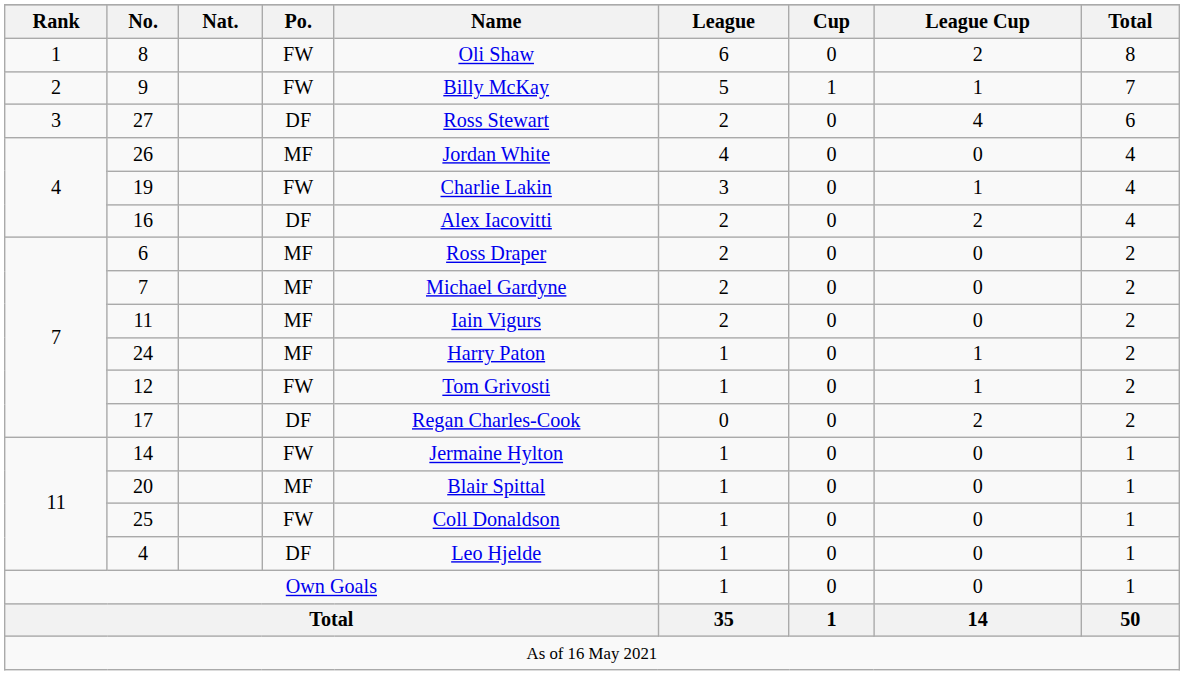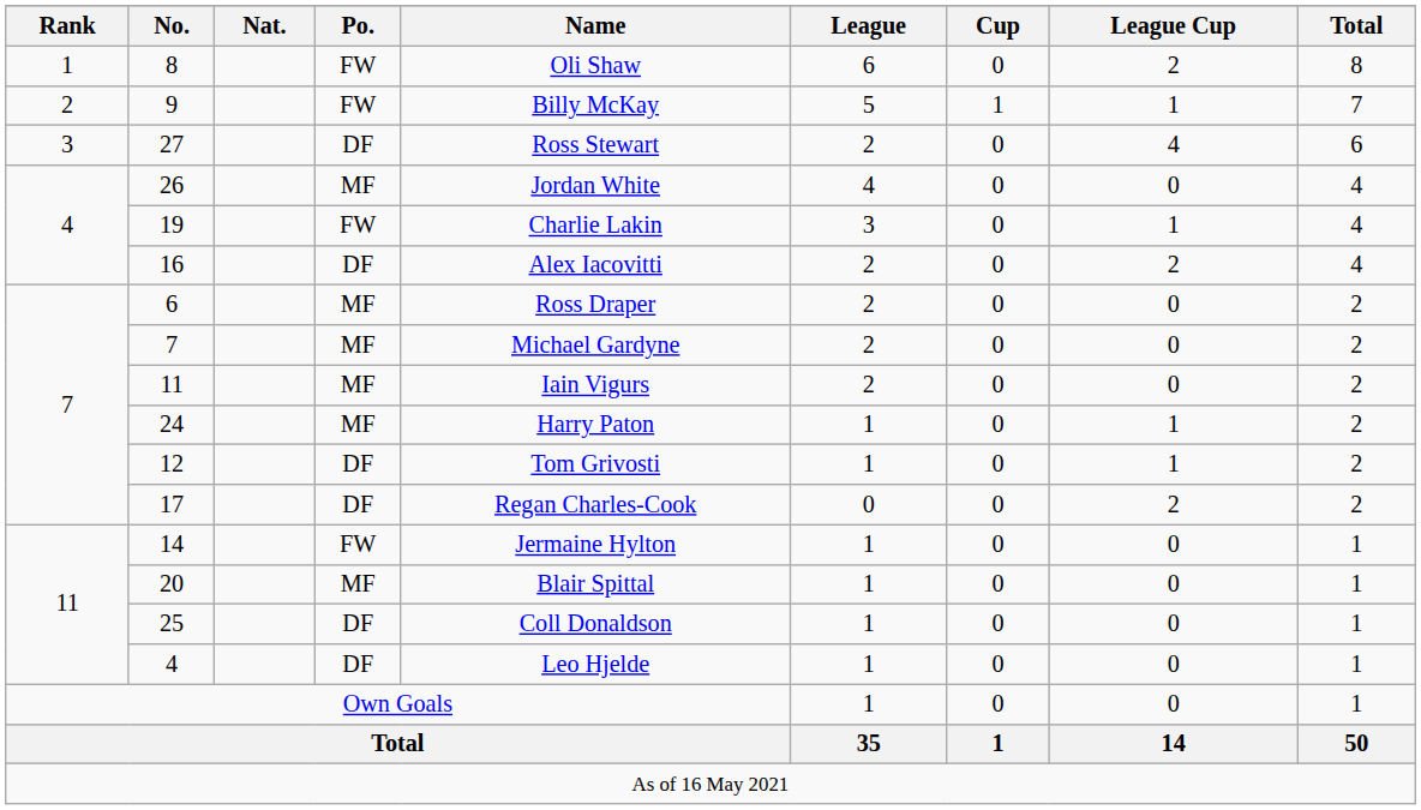 <table class="wikitable"  style="text-align:center; font-size:90%; width:95%;">
 <tr>
 </tr>
 <tr>
 <th>Rank</th>
 <th>No.</th>
 <th>Nat.</th>
 <th>Po.</th>
 <th>Name</th>
 <th>League</th>
 <th>Cup</th>
 <th>League Cup</th>
 <th>Total</th>
 </tr>
 <tr>
 <td>1</td>
 <td>8</td>
 <td></td>
 <td>FW</td>
 <td><a href='#'>Oli Shaw</a></td>
 <td>6</td>
 <td>0</td>
 <td>2</td>
 <td>8</td>
 </tr>
 <tr>
 <td>2</td>
 <td>9</td>
 <td></td>
 <td>FW</td>
 <td><a href='#'>Billy McKay</a></td>
 <td>5</td>
 <td>1</td>
 <td>1</td>
 <td>7</td>
 </tr>
 <tr>
 <td>3</td>
 <td>27</td>
 <td></td>
 <td>DF</td>
 <td><a href='#'>Ross Stewart</a></td>
 <td>2</td>
 <td>0</td>
 <td>4</td>
 <td>6</td>
 </tr>
 <tr>
 <td rowspan=3>4</td>
 <td>26</td>
 <td></td>
 <td>MF</td>
 <td><a href='#'>Jordan White</a></td>
 <td>4</td>
 <td>0</td>
 <td>0</td>
 <td>4</td>
 </tr>
 <tr>
 <td>19</td>
 <td></td>
 <td>FW</td>
 <td><a href='#'>Charlie Lakin</a></td>
 <td>3</td>
 <td>0</td>
 <td>1</td>
 <td>4</td>
 </tr>
 <tr>
 <td>16</td>
 <td></td>
 <td>DF</td>
 <td><a href='#'>Alex Iacovitti</a></td>
 <td>2</td>
 <td>0</td>
 <td>2</td>
 <td>4</td>
 </tr>
 <tr>
 <td rowspan=6>7</td>
 <td>6</td>
 <td></td>
 <td>MF</td>
 <td><a href='#'>Ross Draper</a></td>
 <td>2</td>
 <td>0</td>
 <td>0</td>
 <td>2</td>
 </tr>
 <tr>
 <td>7</td>
 <td></td>
 <td>MF</td>
 <td><a href='#'>Michael Gardyne</a></td>
 <td>2</td>
 <td>0</td>
 <td>0</td>
 <td>2</td>
 </tr>
 <tr>
 <td>11</td>
 <td></td>
 <td>MF</td>
 <td><a href='#'>Iain Vigurs</a></td>
 <td>2</td>
 <td>0</td>
 <td>0</td>
 <td>2</td>
 </tr>
 <tr>
 <td>24</td>
 <td></td>
 <td>MF</td>
 <td><a href='#'>Harry Paton</a></td>
 <td>1</td>
 <td>0</td>
 <td>1</td>
 <td>2</td>
 </tr>
 <tr>
 <td>12</td>
 <td></td>
-<td>FW</td>
+<td>DF</td>
 <td><a href='#'>Tom Grivosti</a></td>
 <td>1</td>
 <td>0</td>
 <td>1</td>
 <td>2</td>
 </tr>
 <tr>
 <td>17</td>
 <td></td>
 <td>DF</td>
 <td><a href='#'>Regan Charles-Cook</a></td>
 <td>0</td>
 <td>0</td>
 <td>2</td>
 <td>2</td>
 </tr>
 <tr>
 <td rowspan=4>11</td>
 <td>14</td>
 <td></td>
 <td>FW</td>
 <td><a href='#'>Jermaine Hylton</a></td>
 <td>1</td>
 <td>0</td>
 <td>0</td>
 <td>1</td>
 </tr>
 <tr>
 <td>20</td>
 <td></td>
 <td>MF</td>
 <td><a href='#'>Blair Spittal</a></td>
 <td>1</td>
 <td>0</td>
 <td>0</td>
 <td>1</td>
 </tr>
 <tr>
 <td>25</td>
 <td></td>
-<td>FW</td>
+<td>DF</td>
 <td><a href='#'>Coll Donaldson</a></td>
 <td>1</td>
 <td>0</td>
 <td>0</td>
 <td>1</td>
 </tr>
 <tr>
 <td>4</td>
 <td></td>
 <td>DF</td>
 <td><a href='#'>Leo Hjelde</a></td>
 <td>1</td>
 <td>0</td>
 <td>0</td>
 <td>1</td>
 </tr>
 <tr>
 <td colspan="5"><a href='#'>Own Goals</a></td>
 <td>1</td>
 <td>0</td>
 <td>0</td>
 <td>1</td>
 </tr>
 <tr>
 <th colspan="5" style="text-align:center;"><strong>Total</strong></th>
 <th><strong>35</strong></th>
 <th><strong>1</strong></th>
 <th><strong>14</strong></th>
 <th><strong>50</strong></th>
 </tr>
 <tr>
 <td colspan="9"><small>As of 16 May 2021</small></td>
 </tr>
 </table>
